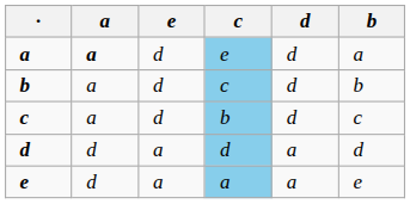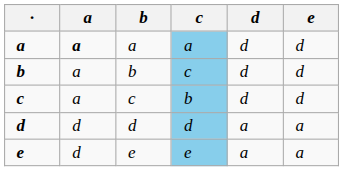 <table class="wikitable" border="1" width="20%" style="margin:1em auto;">
 <tr>
 <th>·</th>
 <th><em>a</em></th>
-<th><em>e</em></th>
+<th><em>b</em></th>
 <th><em>c</em></th>
 <th><em>d</em></th>
-<th><em>b</em></th>
+<th><em>e</em></th>
 </tr>
 <tr>
 <td>  <strong> <em>a</em> </strong></td>
 <td><strong>  <em>a</em></strong></td>
+<td>  <em>a</em></td>
+<td style="background:#87CEEB">  <em>a</em></td>
 <td>  <em>d</em></td>
-<td style="background:#87CEEB">  <em>e</em></td>
 <td>  <em>d</em></td>
-<td>  <em>a</em></td>
 </tr>
 <tr>
 <td>  <strong> <em>b</em> </strong></td>
 <td>  <em>a</em></td>
-<td>  <em>d</em></td>
+<td>  <em>b</em></td>
 <td style="background:#87CEEB">  <em>c</em></td>
 <td>  <em>d</em></td>
-<td>  <em>b</em></td>
+<td>  <em>d</em></td>
 </tr>
 <tr>
 <td>  <strong> <em>c</em> </strong></td>
 <td>  <em>a</em></td>
-<td>  <em>d</em></td>
+<td>  <em>c</em></td>
 <td style="background:#87CEEB">  <em>b</em></td>
 <td>  <em>d</em></td>
-<td>  <em>c</em></td>
+<td>  <em>d</em></td>
 </tr>
 <tr>
 <td>  <strong> <em>d</em> </strong></td>
 <td>  <em>d</em></td>
-<td>  <em>a</em></td>
+<td>  <em>d</em></td>
 <td style="background:#87CEEB">  <em>d</em></td>
 <td>  <em>a</em></td>
-<td>  <em>d</em></td>
+<td>  <em>a</em></td>
 </tr>
 <tr>
 <td>  <strong> <em>e</em> </strong></td>
 <td>  <em>d</em></td>
+<td>  <em>e</em></td>
+<td style="background:#87CEEB">  <em>e</em></td>
 <td>  <em>a</em></td>
-<td style="background:#87CEEB">  <em>a</em></td>
 <td>  <em>a</em></td>
-<td>  <em>e</em></td>
 </tr>
 </table>
